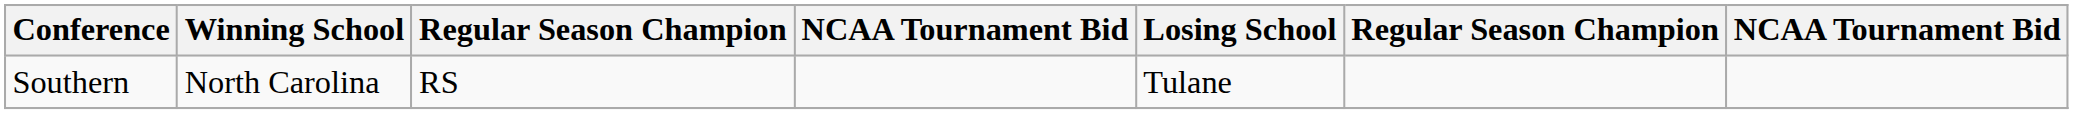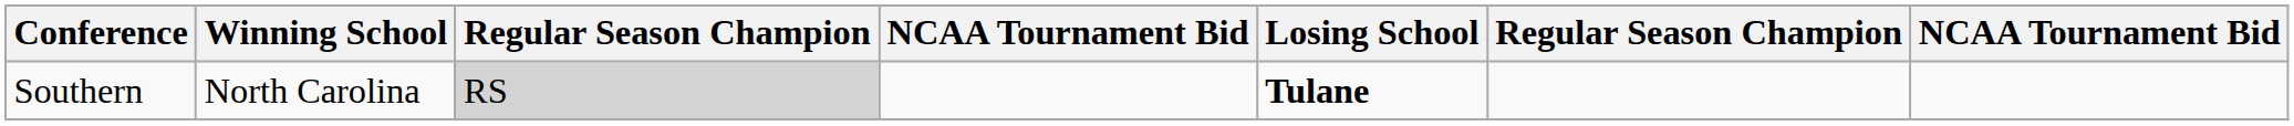 <table class="wikitable">
 <tr>
 <th>Conference</th>
 <th>Winning School</th>
 <th>Regular Season Champion</th>
 <th>NCAA Tournament Bid</th>
 <th>Losing School</th>
 <th>Regular Season Champion</th>
 <th>NCAA Tournament Bid</th>
 </tr>
 <tr>
 <td>Southern</td>
 <td>North Carolina</td>
-<td>RS</td>
+<td style="background: lightgrey;">RS</td>
 <td></td>
-<td>Tulane</td>
+<td><strong>Tulane</strong></td>
 <td></td>
 <td></td>
 </tr>
 <tr>
 </tr>
 </table>
